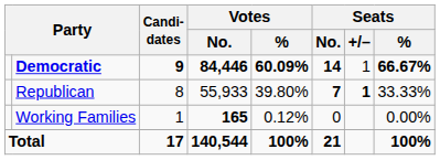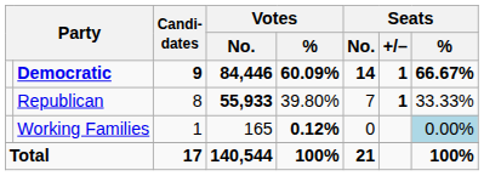 <table class="wikitable" style="font-size:100%; text-align:right;">
 <tr>
 <th colspan=2 rowspan=2>Party</th>
 <th rowspan=2><small>Candi-<br>dates</small></th>
 <th colspan=2>Votes</th>
 <th colspan=3>Seats</th>
 </tr>
 <tr>
 <th>No.</th>
 <th>%</th>
 <th>No.</th>
 <th>+/–</th>
 <th>%</th>
 </tr>
 <tr>
 <td style="background:"></td>
 <td align=left><strong><a href='#'>Democratic</a></strong></td>
 <td><strong>9</strong></td>
 <td><strong>84,446</strong></td>
 <td><strong>60.09%</strong></td>
 <td><strong>14</strong></td>
-<td>1</td>
+<td><strong>1</strong></td>
 <td><strong>66.67%</strong></td>
 </tr>
 <tr>
 <td style="background:"></td>
 <td align=left><a href='#'>Republican</a></td>
 <td>8</td>
-<td>55,933</td>
+<td><strong>55,933</strong></td>
 <td>39.80%</td>
-<td><strong>7</strong></td>
+<td>7</td>
 <td><strong>1</strong></td>
 <td>33.33%</td>
 </tr>
 <tr>
 <td style="background:"></td>
 <td align=left><a href='#'>Working Families</a></td>
 <td>1</td>
-<td><strong>165</strong></td>
-<td>0.12%</td>
+<td>165</td>
+<td><strong>0.12%</strong></td>
 <td>0</td>
 <td></td>
-<td>0.00%</td>
+<td style="background: lightblue;">0.00%</td>
 </tr>
 <tr>
 </tr>
 <tr style="font-weight:bold">
 <td colspan=2 align=left>Total</td>
 <td>17</td>
 <td>140,544</td>
 <td>100%</td>
 <td>21</td>
 <td></td>
 <td>100%</td>
 </tr>
 </table>
